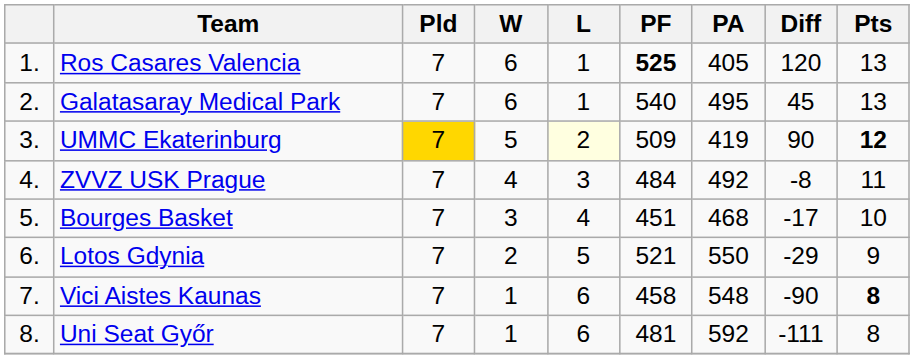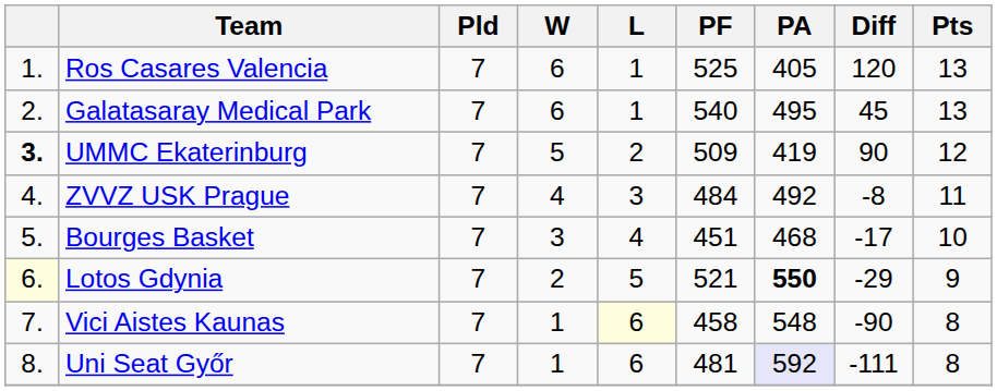 <table class="wikitable" style="text-align:center">
 <tr>
 <th width=25></th>
 <th width=220>Team</th>
 <th width=40>Pld</th>
 <th width=40>W</th>
 <th width=40>L</th>
 <th width=40>PF</th>
 <th width=40>PA</th>
 <th width=40>Diff</th>
 <th width=40>Pts</th>
 </tr>
 <tr>
 <td>1.</td>
 <td align=left> <a href='#'>Ros Casares Valencia</a></td>
 <td>7</td>
 <td>6</td>
 <td>1</td>
-<td><strong>525</strong></td>
+<td>525</td>
 <td>405</td>
 <td>120</td>
 <td>13</td>
 </tr>
 <tr>
 <td>2.</td>
 <td align=left> <a href='#'>Galatasaray Medical Park</a></td>
 <td>7</td>
 <td>6</td>
 <td>1</td>
 <td>540</td>
 <td>495</td>
 <td>45</td>
 <td>13</td>
 </tr>
 <tr>
-<td>3.</td>
+<td><strong>3.</strong></td>
 <td align=left> <a href='#'>UMMC Ekaterinburg</a></td>
-<td style="background: gold;">7</td>
+<td>7</td>
 <td>5</td>
-<td style="background: lightyellow;">2</td>
+<td>2</td>
 <td>509</td>
 <td>419</td>
 <td>90</td>
-<td><strong>12</strong></td>
+<td>12</td>
 </tr>
 <tr>
 <td>4.</td>
 <td align=left> <a href='#'>ZVVZ USK Prague</a></td>
 <td>7</td>
 <td>4</td>
 <td>3</td>
 <td>484</td>
 <td>492</td>
 <td>-8</td>
 <td>11</td>
 </tr>
 <tr>
 <td>5.</td>
 <td align=left> <a href='#'>Bourges Basket</a></td>
 <td>7</td>
 <td>3</td>
 <td>4</td>
 <td>451</td>
 <td>468</td>
 <td>-17</td>
 <td>10</td>
 </tr>
 <tr>
-<td>6.</td>
+<td style="background: lightyellow;">6.</td>
 <td align=left> <a href='#'>Lotos Gdynia</a></td>
 <td>7</td>
 <td>2</td>
 <td>5</td>
 <td>521</td>
-<td>550</td>
+<td><strong>550</strong></td>
 <td>-29</td>
 <td>9</td>
 </tr>
 <tr>
 <td>7.</td>
 <td align=left> <a href='#'>Vici Aistes Kaunas</a></td>
 <td>7</td>
 <td>1</td>
-<td>6</td>
+<td style="background: lightyellow;">6</td>
 <td>458</td>
 <td>548</td>
 <td>-90</td>
-<td><strong>8</strong></td>
+<td>8</td>
 </tr>
 <tr>
 <td>8.</td>
 <td align=left> <a href='#'>Uni Seat Győr</a></td>
 <td>7</td>
 <td>1</td>
 <td>6</td>
 <td>481</td>
-<td>592</td>
+<td style="background: lavender;">592</td>
 <td>-111</td>
 <td>8</td>
 </tr>
 <tr>
 </tr>
 </table>
